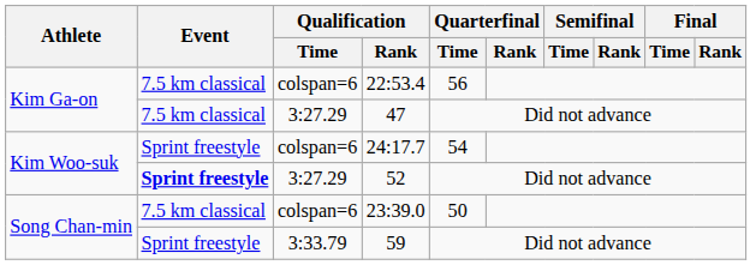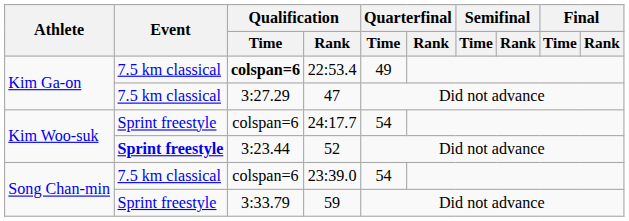 <table class="wikitable" style="font-size:90%">
 <tr>
 <th rowspan="2">Athlete</th>
 <th rowspan="2">Event</th>
 <th colspan="2">Qualification</th>
 <th colspan="2">Quarterfinal</th>
 <th colspan="2">Semifinal</th>
 <th colspan="2">Final</th>
 </tr>
 <tr style="font-size:95%">
 <th>Time</th>
 <th>Rank</th>
 <th>Time</th>
 <th>Rank</th>
 <th>Time</th>
 <th>Rank</th>
 <th>Time</th>
 <th>Rank</th>
 </tr>
 <tr align=center>
 <td align=left rowspan=2><a href='#'>Kim Ga-on</a></td>
 <td align=left><a href='#'>7.5 km classical</a></td>
-<td>colspan=6</td>
+<td><strong>colspan=6</strong></td>
 <td>22:53.4</td>
-<td>56</td>
+<td>49</td>
 </tr>
 <tr align=center>
 <td align=left><a href='#'>7.5 km classical</a></td>
 <td>3:27.29</td>
 <td>47</td>
 <td colspan=6>Did not advance</td>
 </tr>
 <tr align=center>
 <td align=left rowspan=2><a href='#'>Kim Woo-suk</a></td>
 <td align=left><a href='#'>Sprint freestyle</a></td>
 <td>colspan=6</td>
 <td>24:17.7</td>
 <td>54</td>
 </tr>
 <tr align=center>
 <td align=left><strong><a href='#'>Sprint freestyle</a></strong></td>
-<td>3:27.29</td>
+<td>3:23.44</td>
 <td>52</td>
 <td colspan=6>Did not advance</td>
 </tr>
 <tr align=center>
 <td align=left rowspan=2><a href='#'>Song Chan-min</a></td>
 <td align=left><a href='#'>7.5 km classical</a></td>
 <td>colspan=6</td>
 <td>23:39.0</td>
-<td>50</td>
+<td>54</td>
 </tr>
 <tr align=center>
 <td align=left><a href='#'>Sprint freestyle</a></td>
 <td>3:33.79</td>
 <td>59</td>
 <td colspan=6>Did not advance</td>
 </tr>
 </table>
